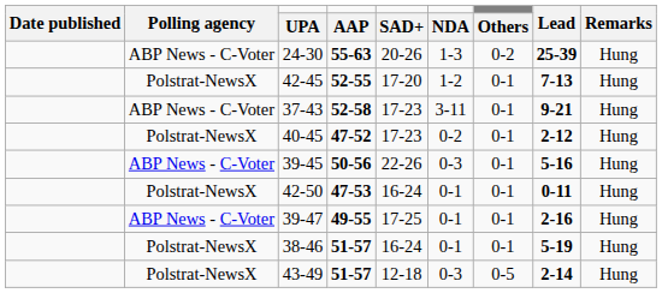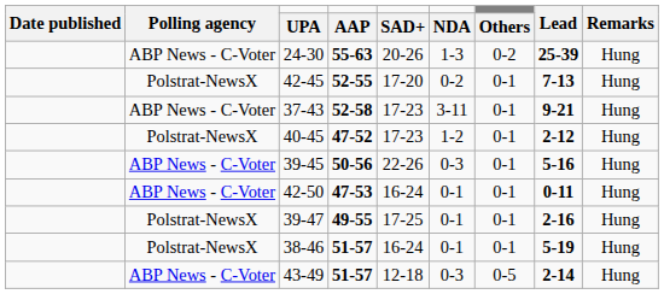 <table class="wikitable sortable" style="text-align:center;">
 <tr>
 <th rowspan="2">Date published</th>
 <th rowspan="2">Polling agency</th>
 <td></td>
 <td></td>
 <td></td>
 <td></td>
 <td bgcolor="gray"></td>
 <th rowspan="2">Lead</th>
 <th rowspan="2">Remarks</th>
 </tr>
 <tr>
 <th>UPA</th>
 <th>AAP</th>
 <th>SAD+</th>
 <th>NDA</th>
 <th>Others</th>
 </tr>
 <tr>
 <td></td>
 <td>ABP News - C-Voter</td>
 <td>24-30</td>
 <td><strong>55-63</strong></td>
 <td>20-26</td>
 <td>1-3</td>
 <td>0-2</td>
 <td><strong>25-39</strong></td>
 <td>Hung</td>
 </tr>
 <tr>
 <td></td>
 <td>Polstrat-NewsX</td>
 <td>42-45</td>
 <td><strong>52-55</strong></td>
 <td>17-20</td>
-<td>1-2</td>
+<td>0-2</td>
 <td>0-1</td>
 <td><strong>7-13</strong></td>
 <td>Hung</td>
 </tr>
 <tr>
 <td></td>
 <td>ABP News - C-Voter</td>
 <td>37-43</td>
 <td><strong>52-58</strong></td>
 <td>17-23</td>
 <td>3-11</td>
 <td>0-1</td>
 <td><strong>9-21</strong></td>
 <td>Hung</td>
 </tr>
 <tr>
 <td></td>
 <td>Polstrat-NewsX</td>
 <td>40-45</td>
 <td><strong>47-52</strong></td>
 <td>17-23</td>
-<td>0-2</td>
+<td>1-2</td>
 <td>0-1</td>
 <td><strong>2-12</strong></td>
 <td>Hung</td>
 </tr>
 <tr>
 <td></td>
 <td><a href='#'>ABP News</a> - <a href='#'>C-Voter</a></td>
 <td>39-45</td>
 <td><strong>50-56</strong></td>
 <td>22-26</td>
 <td>0-3</td>
 <td>0-1</td>
 <td><strong>5-16</strong></td>
 <td>Hung</td>
 </tr>
 <tr>
 <td></td>
-<td>Polstrat-NewsX</td>
+<td><a href='#'>ABP News</a> - <a href='#'>C-Voter</a></td>
 <td>42-50</td>
 <td><strong>47-53</strong></td>
 <td>16-24</td>
 <td>0-1</td>
 <td>0-1</td>
 <td><strong>0-11</strong></td>
 <td>Hung</td>
 </tr>
 <tr>
 <td></td>
-<td><a href='#'>ABP News</a> - <a href='#'>C-Voter</a></td>
+<td>Polstrat-NewsX</td>
 <td>39-47</td>
 <td><strong>49-55</strong></td>
 <td>17-25</td>
 <td>0-1</td>
 <td>0-1</td>
 <td><strong>2-16</strong></td>
 <td>Hung</td>
 </tr>
 <tr>
 <td></td>
 <td>Polstrat-NewsX</td>
 <td>38-46</td>
 <td><strong>51-57</strong></td>
 <td>16-24</td>
 <td>0-1</td>
 <td>0-1</td>
 <td><strong>5-19</strong></td>
 <td>Hung</td>
 </tr>
 <tr>
 <td></td>
-<td>Polstrat-NewsX</td>
+<td><a href='#'>ABP News</a> - <a href='#'>C-Voter</a></td>
 <td>43-49</td>
 <td><strong>51-57</strong></td>
 <td>12-18</td>
 <td>0-3</td>
 <td>0-5</td>
 <td><strong>2-14</strong></td>
 <td>Hung</td>
 </tr>
 </table>
